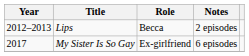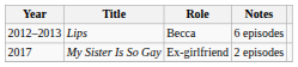 <table class="wikitable sortable">
 <tr>
 <th>Year</th>
 <th>Title</th>
 <th>Role</th>
 <th class="unsortable">Notes</th>
 <th class="unsortable"></th>
 </tr>
 <tr>
 <td>2012–2013</td>
 <td><em>Lips</em></td>
 <td>Becca</td>
-<td>2 episodes</td>
+<td>6 episodes</td>
 <td></td>
 </tr>
 <tr>
 <td>2017</td>
 <td><em>My Sister Is So Gay</em></td>
 <td>Ex-girlfriend</td>
-<td>6 episodes</td>
+<td>2 episodes</td>
 <td></td>
 </tr>
 <tr>
 </tr>
 </table>
